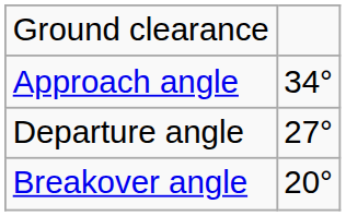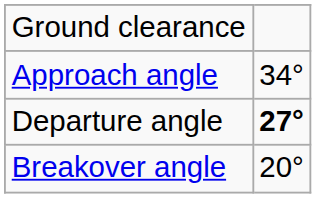 <table class="wikitable">
 <tr>
 <td>Ground clearance</td>
 <td></td>
 </tr>
 <tr>
 <td><a href='#'>Approach angle</a></td>
 <td>34°</td>
 </tr>
 <tr>
 <td>Departure angle</td>
-<td>27°</td>
+<td><strong>27°</strong></td>
 </tr>
 <tr>
 <td><a href='#'>Breakover angle</a></td>
 <td>20°</td>
 </tr>
 </table>
